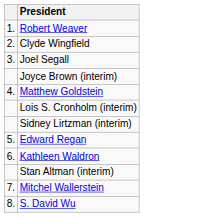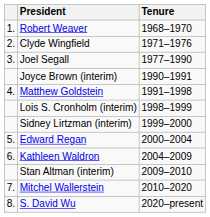 <table class="wikitable">
 <tr>
 <th style="text-align:left;"></th>
 <th style="text-align:left;">President</th>
+<th style="text-align:left;">Tenure</th>
 </tr>
 <tr>
 <td>1.</td>
 <td><a href='#'>Robert Weaver</a></td>
+<td>1968–1970</td>
 </tr>
 <tr>
 <td>2.</td>
 <td>Clyde Wingfield</td>
+<td>1971–1976</td>
 </tr>
 <tr>
 <td>3.</td>
 <td>Joel Segall</td>
+<td>1977–1990</td>
 </tr>
 <tr>
 <td></td>
 <td>Joyce Brown (interim)</td>
+<td>1990–1991</td>
 </tr>
 <tr>
 <td>4.</td>
 <td><a href='#'>Matthew Goldstein</a></td>
+<td>1991–1998</td>
 </tr>
 <tr>
 <td></td>
 <td>Lois S. Cronholm (interim)</td>
+<td>1998–1999</td>
 </tr>
 <tr>
 <td></td>
 <td>Sidney Lirtzman (interim)</td>
+<td>1999–2000</td>
 </tr>
 <tr>
 <td>5.</td>
 <td><a href='#'>Edward Regan</a></td>
+<td>2000–2004</td>
 </tr>
 <tr>
 <td>6.</td>
 <td><a href='#'>Kathleen Waldron</a></td>
+<td>2004–2009</td>
 </tr>
 <tr>
 <td></td>
 <td>Stan Altman (interim)</td>
+<td>2009–2010</td>
 </tr>
 <tr>
 <td>7.</td>
 <td><a href='#'>Mitchel Wallerstein</a></td>
+<td>2010–2020</td>
 </tr>
 <tr>
 <td>8.</td>
 <td><a href='#'>S. David Wu</a></td>
+<td>2020–present</td>
 </tr>
 </table>
